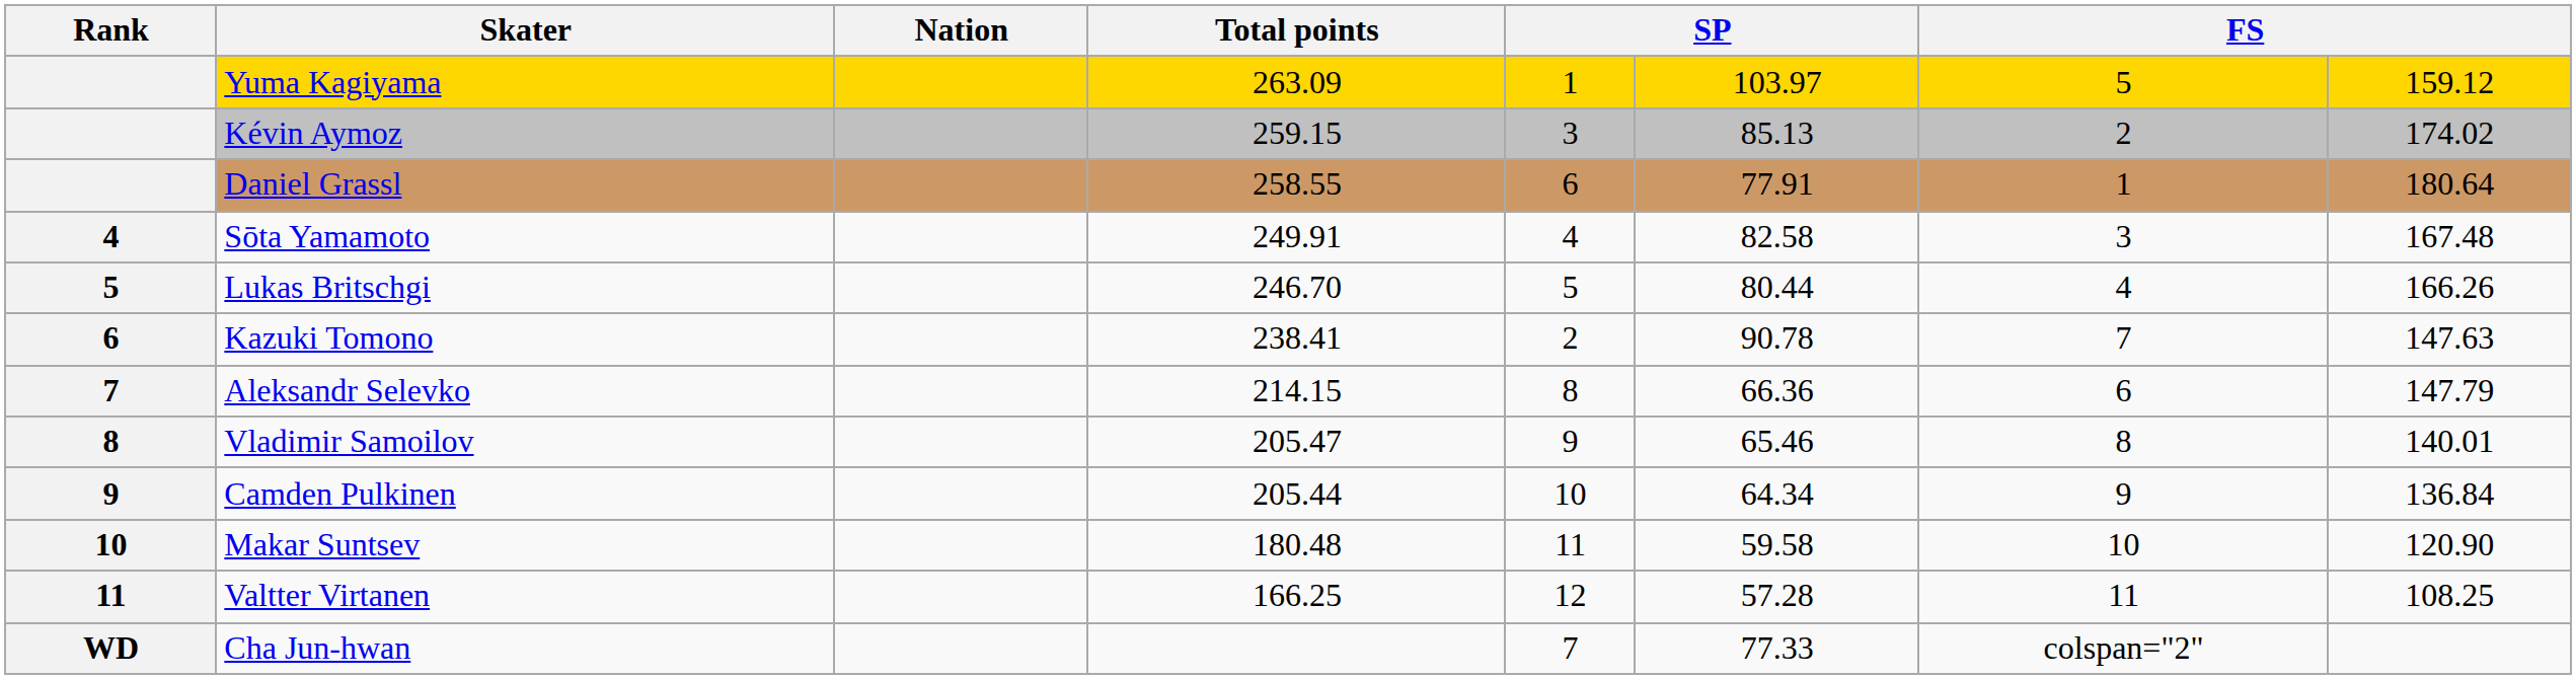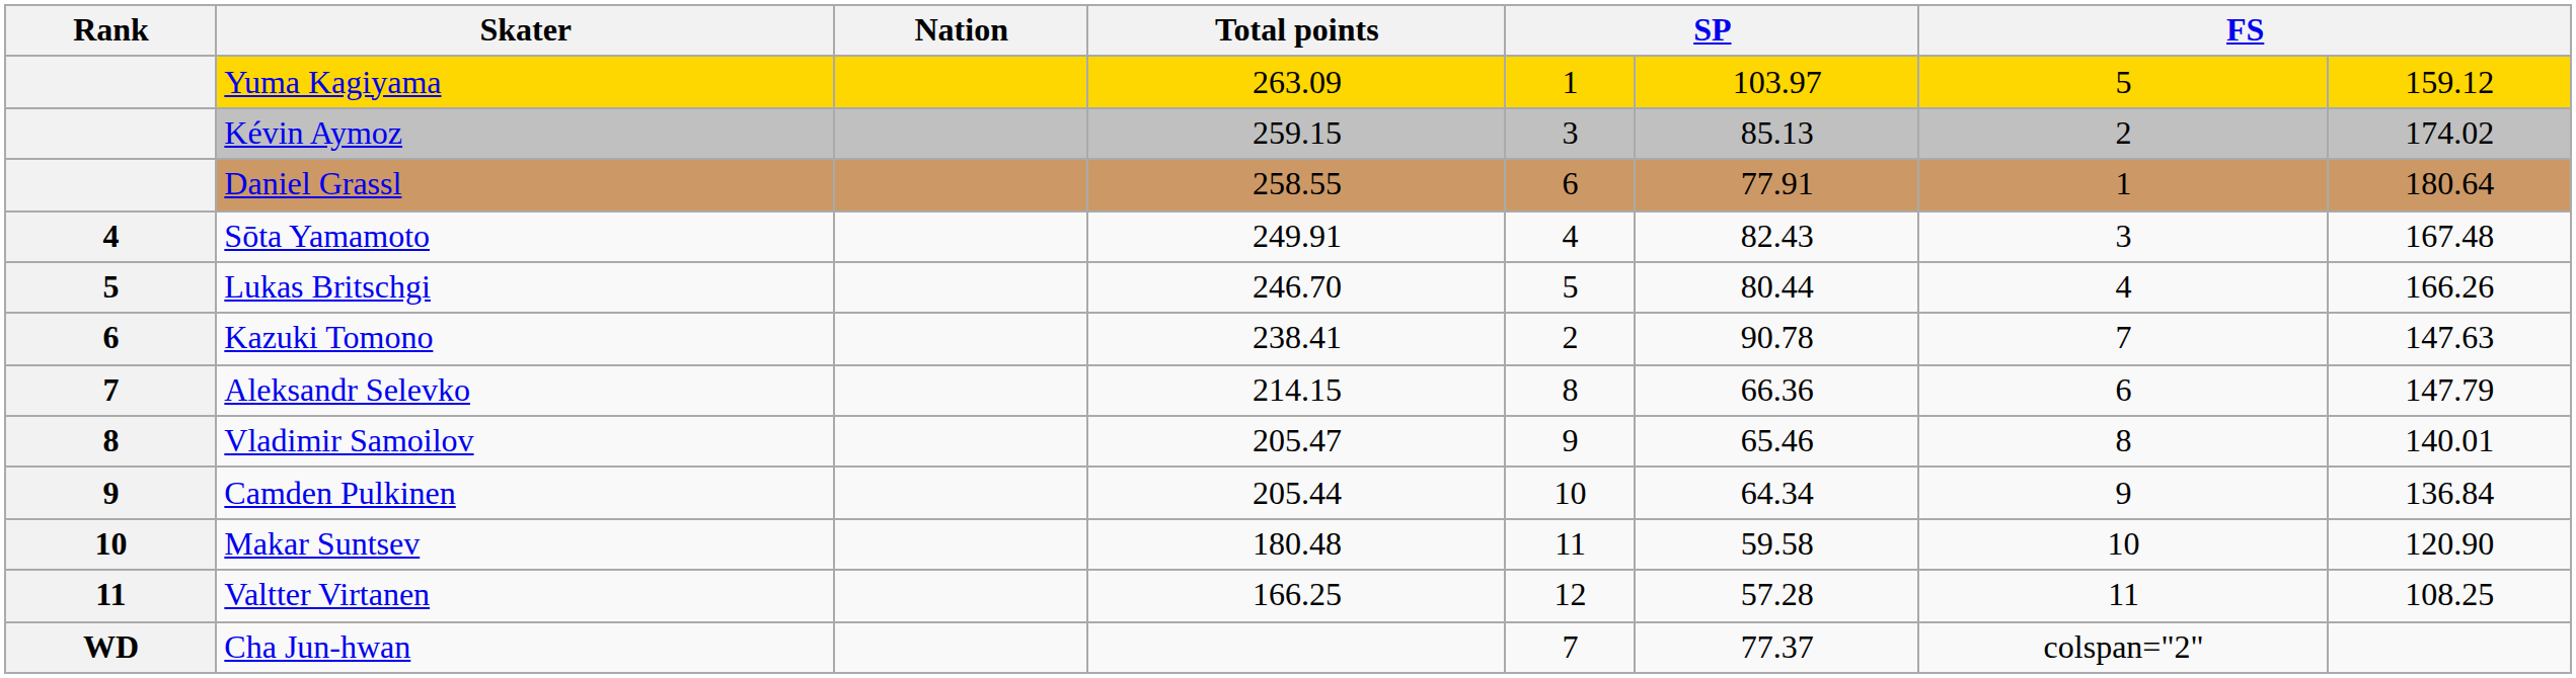 <table class="wikitable sortable" style="text-align:center;" width="80%">
 <tr>
 <th scope="col">Rank</th>
 <th scope="col">Skater</th>
 <th scope="col">Nation</th>
 <th scope="col">Total points</th>
 <th scope="col" colspan="2" width="80px"><a href='#'>SP</a></th>
 <th scope="col" colspan="2" width="80px"><a href='#'>FS</a></th>
 </tr>
 <tr bgcolor="gold">
 <th scope="row"></th>
 <td align="left"><a href='#'>Yuma Kagiyama</a></td>
 <td align="left"></td>
 <td>263.09</td>
 <td>1</td>
 <td>103.97</td>
 <td>5</td>
 <td>159.12</td>
 </tr>
 <tr bgcolor="silver">
 <th scope="row"></th>
 <td align="left"><a href='#'>Kévin Aymoz</a></td>
 <td align="left"></td>
 <td>259.15</td>
 <td>3</td>
 <td>85.13</td>
 <td>2</td>
 <td>174.02</td>
 </tr>
 <tr bgcolor="cc9966">
 <th scope="row"></th>
 <td align="left"><a href='#'>Daniel Grassl</a></td>
 <td align="left"></td>
 <td>258.55</td>
 <td>6</td>
 <td>77.91</td>
 <td>1</td>
 <td>180.64</td>
 </tr>
 <tr>
 <th scope="row">4</th>
 <td align="left"><a href='#'>Sōta Yamamoto</a></td>
 <td align="left"></td>
 <td>249.91</td>
 <td>4</td>
-<td>82.58</td>
+<td>82.43</td>
 <td>3</td>
 <td>167.48</td>
 </tr>
 <tr>
 <th scope="row">5</th>
 <td align="left"><a href='#'>Lukas Britschgi</a></td>
 <td align="left"></td>
 <td>246.70</td>
 <td>5</td>
 <td>80.44</td>
 <td>4</td>
 <td>166.26</td>
 </tr>
 <tr>
 <th scope="row">6</th>
 <td align="left"><a href='#'>Kazuki Tomono</a></td>
 <td align="left"></td>
 <td>238.41</td>
 <td>2</td>
 <td>90.78</td>
 <td>7</td>
 <td>147.63</td>
 </tr>
 <tr>
 <th scope="row">7</th>
 <td align="left"><a href='#'>Aleksandr Selevko</a></td>
 <td align="left"></td>
 <td>214.15</td>
 <td>8</td>
 <td>66.36</td>
 <td>6</td>
 <td>147.79</td>
 </tr>
 <tr>
 <th scope="row">8</th>
 <td align="left"><a href='#'>Vladimir Samoilov</a></td>
 <td align="left"></td>
 <td>205.47</td>
 <td>9</td>
 <td>65.46</td>
 <td>8</td>
 <td>140.01</td>
 </tr>
 <tr>
 <th scope="row">9</th>
 <td align="left"><a href='#'>Camden Pulkinen</a></td>
 <td align="left"></td>
 <td>205.44</td>
 <td>10</td>
 <td>64.34</td>
 <td>9</td>
 <td>136.84</td>
 </tr>
 <tr>
 <th scope="row">10</th>
 <td align="left"><a href='#'>Makar Suntsev</a></td>
 <td align="left"></td>
 <td>180.48</td>
 <td>11</td>
 <td>59.58</td>
 <td>10</td>
 <td>120.90</td>
 </tr>
 <tr>
 <th scope="row">11</th>
 <td align="left"><a href='#'>Valtter Virtanen</a></td>
 <td align="left"></td>
 <td>166.25</td>
 <td>12</td>
 <td>57.28</td>
 <td>11</td>
 <td>108.25</td>
 </tr>
 <tr>
 <th scope="row">WD</th>
 <td align="left"><a href='#'>Cha Jun-hwan</a></td>
 <td align="left"></td>
 <td></td>
 <td>7</td>
-<td>77.33</td>
+<td>77.37</td>
 <td>colspan="2" </td>
 </tr>
 </table>
